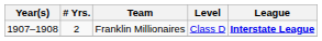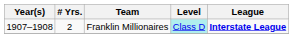 <table class="wikitable" style="text-align:center; font-size: 95%;">
 <tr>
 <th>Year(s)</th>
 <th># Yrs.</th>
 <th>Team</th>
 <th>Level</th>
 <th>League</th>
 </tr>
 <tr>
 <td>1907–1908</td>
 <td>2</td>
 <td>Franklin Millionaires</td>
-<td><a href='#'>Class D</a></td>
+<td style="background: paleturquoise;"><a href='#'>Class D</a></td>
 <td><strong><a href='#'>Interstate League</a></strong></td>
 </tr>
 <tr>
 </tr>
 </table>
